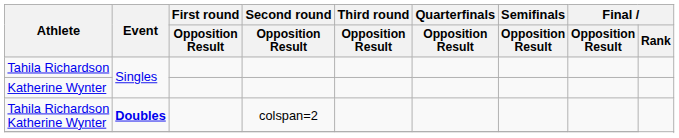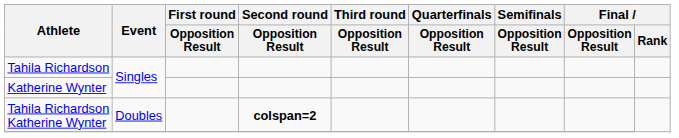 <table class=wikitable style=font-size:90%;text-align:center>
 <tr>
 <th rowspan=2>Athlete</th>
 <th rowspan=2>Event</th>
 <th>First round</th>
 <th>Second round</th>
 <th>Third round</th>
 <th>Quarterfinals</th>
 <th>Semifinals</th>
 <th colspan=2>Final / </th>
 </tr>
 <tr style=font-size:95%>
 <th>Opposition<br>Result</th>
 <th>Opposition<br>Result</th>
 <th>Opposition<br>Result</th>
 <th>Opposition<br>Result</th>
 <th>Opposition<br>Result</th>
 <th>Opposition<br>Result</th>
 <th>Rank</th>
 </tr>
 <tr>
 <td align=left><a href='#'>Tahila Richardson</a></td>
 <td align=left rowspan=2><a href='#'>Singles</a></td>
 <td></td>
 <td></td>
 <td></td>
 <td></td>
 <td></td>
 <td></td>
 <td></td>
 </tr>
 <tr>
 <td align=left><a href='#'>Katherine Wynter</a></td>
 <td><br></td>
 <td></td>
 <td></td>
 <td></td>
 <td></td>
 <td></td>
 <td></td>
 </tr>
 <tr>
 <td align=left><a href='#'>Tahila Richardson</a><br><a href='#'>Katherine Wynter</a></td>
-<td align=left><strong><a href='#'>Doubles</a></strong></td>
+<td align=left><a href='#'>Doubles</a></td>
 <td><br></td>
-<td>colspan=2 </td>
+<td><strong>colspan=2 </strong></td>
 <td></td>
 <td></td>
 <td></td>
 <td></td>
 </tr>
 <tr>
 </tr>
 </table>
